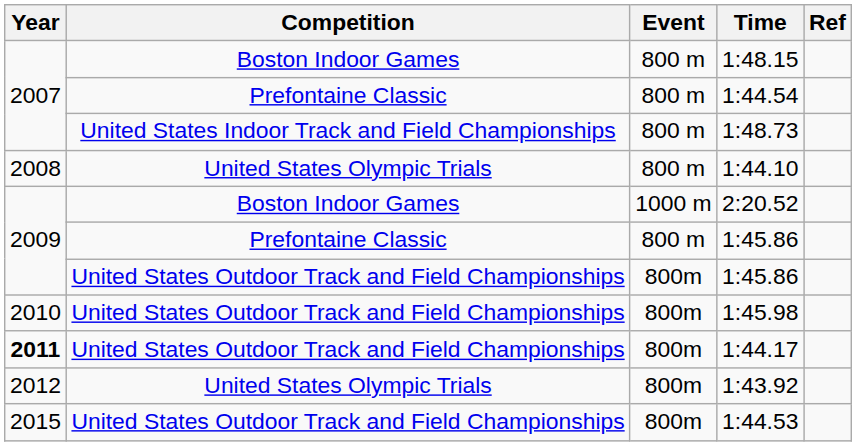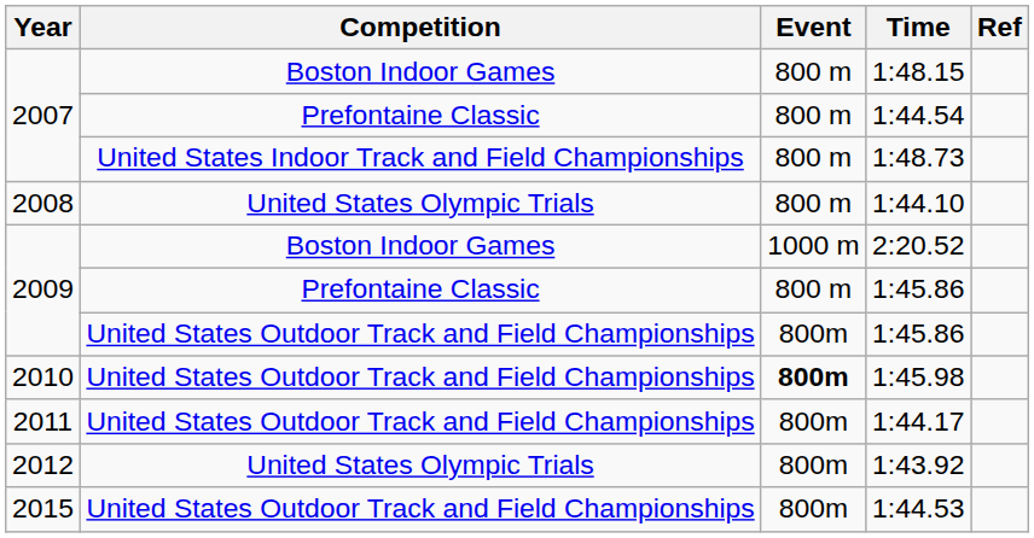 <table class="wikitable">
 <tr>
 <th>Year</th>
 <th>Competition</th>
 <th>Event</th>
 <th>Time</th>
 <th>Ref</th>
 </tr>
 <tr>
 <td rowspan="3" align=center>2007</td>
 <td align=center><a href='#'>Boston Indoor Games</a></td>
 <td align=center>800 m</td>
 <td align=center>1:48.15</td>
 <td></td>
 </tr>
 <tr>
 <td align=center><a href='#'>Prefontaine Classic</a></td>
 <td align=center>800 m</td>
 <td align=center>1:44.54</td>
 <td align=center></td>
 </tr>
 <tr>
 <td align=center><a href='#'>United States Indoor Track and Field Championships</a></td>
 <td align=center>800 m</td>
 <td align=center>1:48.73</td>
 <td></td>
 </tr>
 <tr>
 <td align=center>2008</td>
 <td align=center><a href='#'>United States Olympic Trials</a></td>
 <td align=center>800 m</td>
 <td align=center>1:44.10</td>
 <td align=center></td>
 </tr>
 <tr>
 <td rowspan="3">2009</td>
 <td align=center><a href='#'>Boston Indoor Games</a></td>
 <td align=center>1000 m</td>
 <td align=center>2:20.52</td>
 <td></td>
 </tr>
 <tr>
 <td align=center><a href='#'>Prefontaine Classic</a></td>
 <td align=center>800 m</td>
 <td align=center>1:45.86</td>
 <td></td>
 </tr>
 <tr>
 <td align=center><a href='#'>United States Outdoor Track and Field Championships</a></td>
 <td align=center>800m</td>
 <td align=center>1:45.86</td>
 <td></td>
 </tr>
 <tr>
 <td align=center>2010</td>
 <td align=center><a href='#'>United States Outdoor Track and Field Championships</a></td>
-<td align=center>800m</td>
+<td align=center><strong>800m</strong></td>
 <td align=center>1:45.98</td>
 <td></td>
 </tr>
 <tr>
-<td align=center><strong>2011</strong></td>
+<td align=center>2011</td>
 <td align=center><a href='#'>United States Outdoor Track and Field Championships</a></td>
 <td align=center>800m</td>
 <td align=center>1:44.17</td>
 <td></td>
 </tr>
 <tr>
 <td align=center>2012</td>
 <td align=center><a href='#'>United States Olympic Trials</a></td>
 <td align=center>800m</td>
 <td align=center>1:43.92</td>
 <td></td>
 </tr>
 <tr>
 <td align=center>2015</td>
 <td align=center><a href='#'>United States Outdoor Track and Field Championships</a></td>
 <td align=center>800m</td>
 <td align=center>1:44.53</td>
 <td></td>
 </tr>
 </table>
